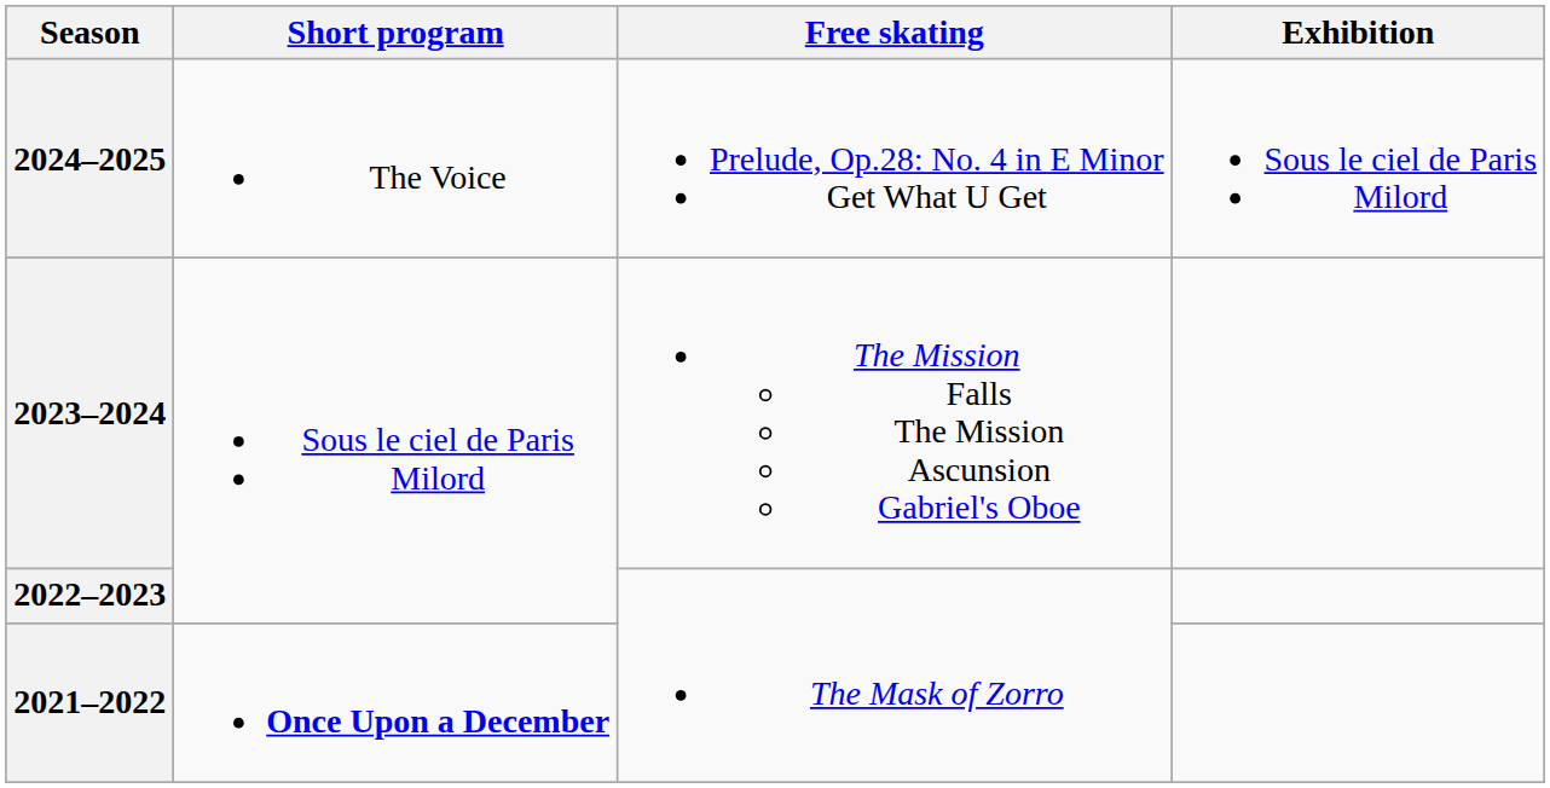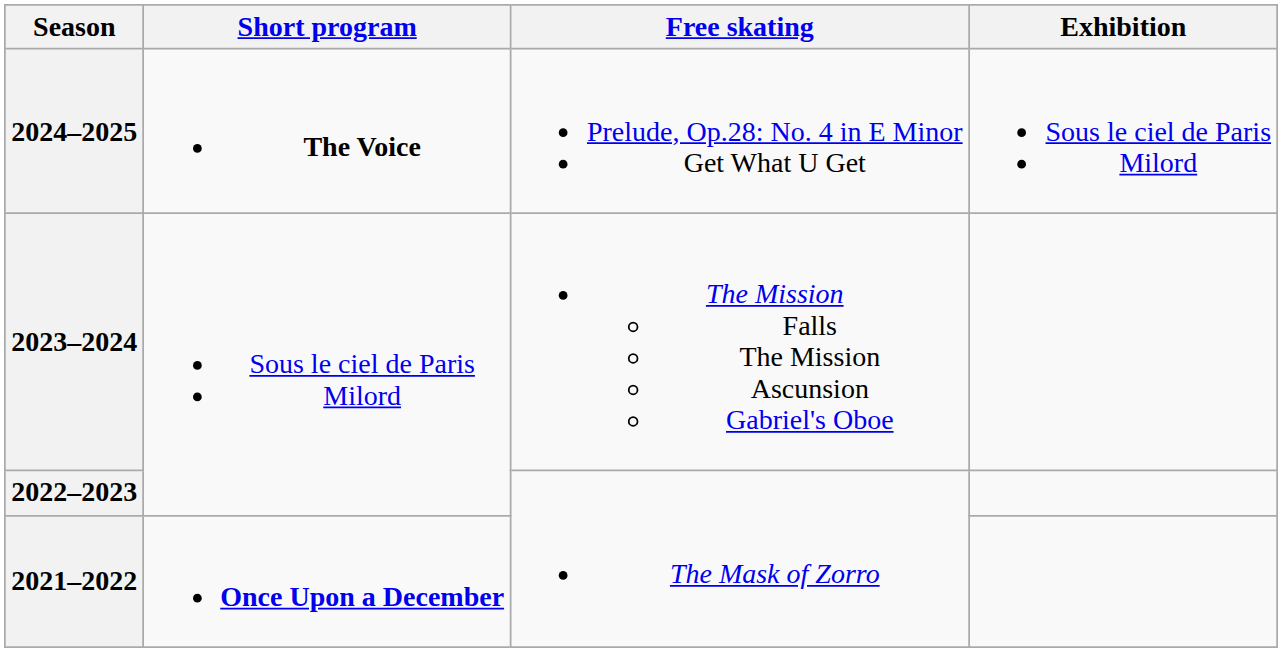 <table class=wikitable style=text-align:center>
 <tr>
 <th>Season</th>
 <th><a href='#'>Short program</a></th>
 <th><a href='#'>Free skating</a></th>
 <th>Exhibition</th>
 </tr>
 <tr>
 <th>2024–2025 <br> </th>
-<td><br><ul><li>The Voice <br></li></ul></td>
+<td><strong><br><ul><li>The Voice <br></li></ul></strong></td>
 <td><br><ul><li><a href='#'>Prelude, Op.28: No. 4 in E Minor</a> <br> </li><li>Get What U Get <br> </li></ul></td>
 <td><br><ul><li><a href='#'>Sous le ciel de Paris</a></li><li><a href='#'>Milord</a> <br></li></ul></td>
 </tr>
 <tr>
 <th>2023–2024 <br> </th>
 <td rowspan=2><br><ul><li><a href='#'>Sous le ciel de Paris</a></li><li><a href='#'>Milord</a> <br></li></ul></td>
 <td><br><ul><li><em><a href='#'>The Mission</a></em><ul><li>Falls</li><li>The Mission</li><li>Ascunsion <br></li><li><a href='#'>Gabriel's Oboe</a> <br> </li></ul></li></ul></td>
 <td></td>
 </tr>
 <tr>
 <th>2022–2023 <br> </th>
 <td rowspan=2><br><ul><li><em><a href='#'>The Mask of Zorro</a></em><br></li></ul></td>
 <td></td>
 </tr>
 <tr>
 <th>2021–2022 <br> </th>
 <td><strong><br><ul><li><a href='#'>Once Upon a December</a> <br> </li></ul></strong></td>
 <td></td>
 </tr>
 </table>
